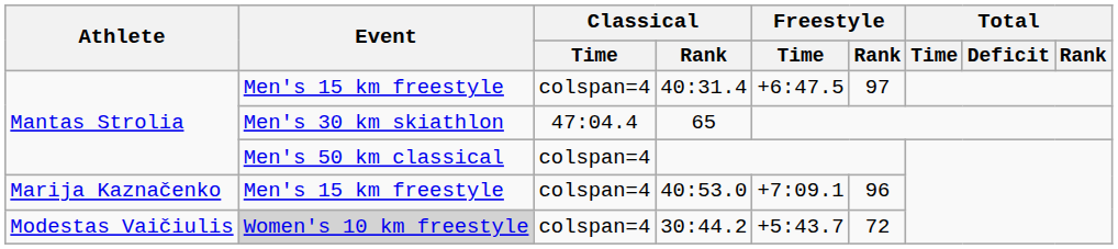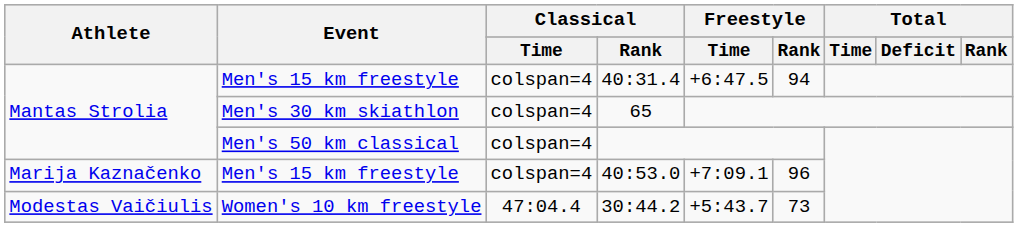 <table class="wikitable" style="font-size:90%">
 <tr>
 <th rowspan=2>Athlete</th>
 <th rowspan=2>Event</th>
 <th colspan=2>Classical</th>
 <th colspan=2>Freestyle</th>
 <th colspan=3>Total</th>
 </tr>
 <tr style="font-size: 95%">
 <th>Time</th>
 <th>Rank</th>
 <th>Time</th>
 <th>Rank</th>
 <th>Time</th>
 <th>Deficit</th>
 <th>Rank</th>
 </tr>
 <tr align=center>
 <td align=left rowspan=3><a href='#'>Mantas Strolia</a></td>
 <td align=left><a href='#'>Men's 15 km freestyle</a></td>
 <td>colspan=4 </td>
 <td>40:31.4</td>
 <td>+6:47.5</td>
-<td>97</td>
+<td>94</td>
 </tr>
 <tr align=center>
 <td align=left><a href='#'>Men's 30 km skiathlon</a></td>
-<td>47:04.4</td>
+<td>colspan=4 </td>
 <td>65</td>
 <td colspan=5></td>
 </tr>
 <tr align=center>
 <td align=left><a href='#'>Men's 50 km classical</a></td>
 <td>colspan=4 </td>
 <td colspan=3></td>
 </tr>
 <tr align=center>
 <td align=left><a href='#'>Marija Kaznačenko</a></td>
 <td align=left><a href='#'>Men's 15 km freestyle</a></td>
 <td>colspan=4 </td>
 <td>40:53.0</td>
 <td>+7:09.1</td>
 <td>96</td>
 </tr>
 <tr align=center>
 <td align=left><a href='#'>Modestas Vaičiulis</a></td>
-<td align=left style="background: lightgrey;"><a href='#'>Women's 10 km freestyle</a></td>
-<td>colspan=4 </td>
+<td align=left><a href='#'>Women's 10 km freestyle</a></td>
+<td>47:04.4</td>
 <td>30:44.2</td>
 <td>+5:43.7</td>
-<td>72</td>
+<td>73</td>
 </tr>
 </table>
